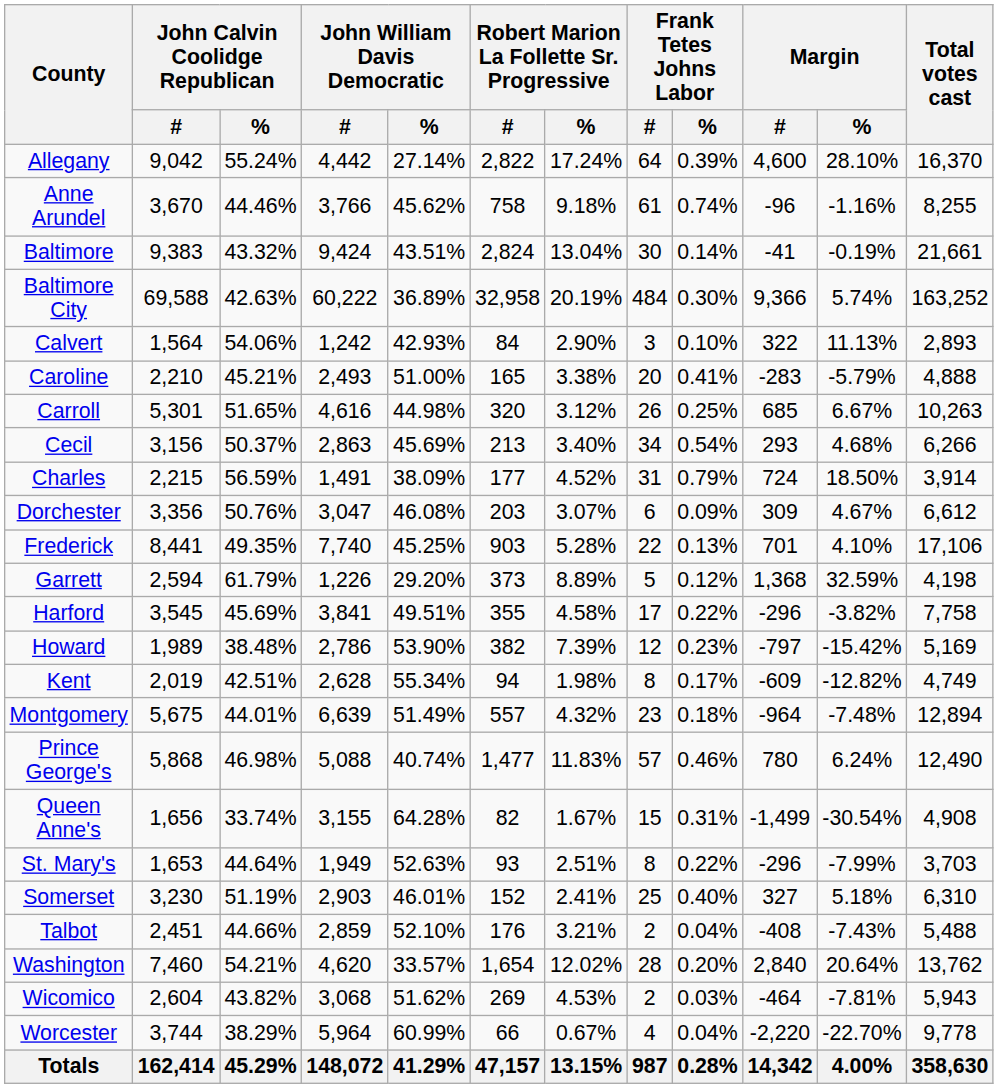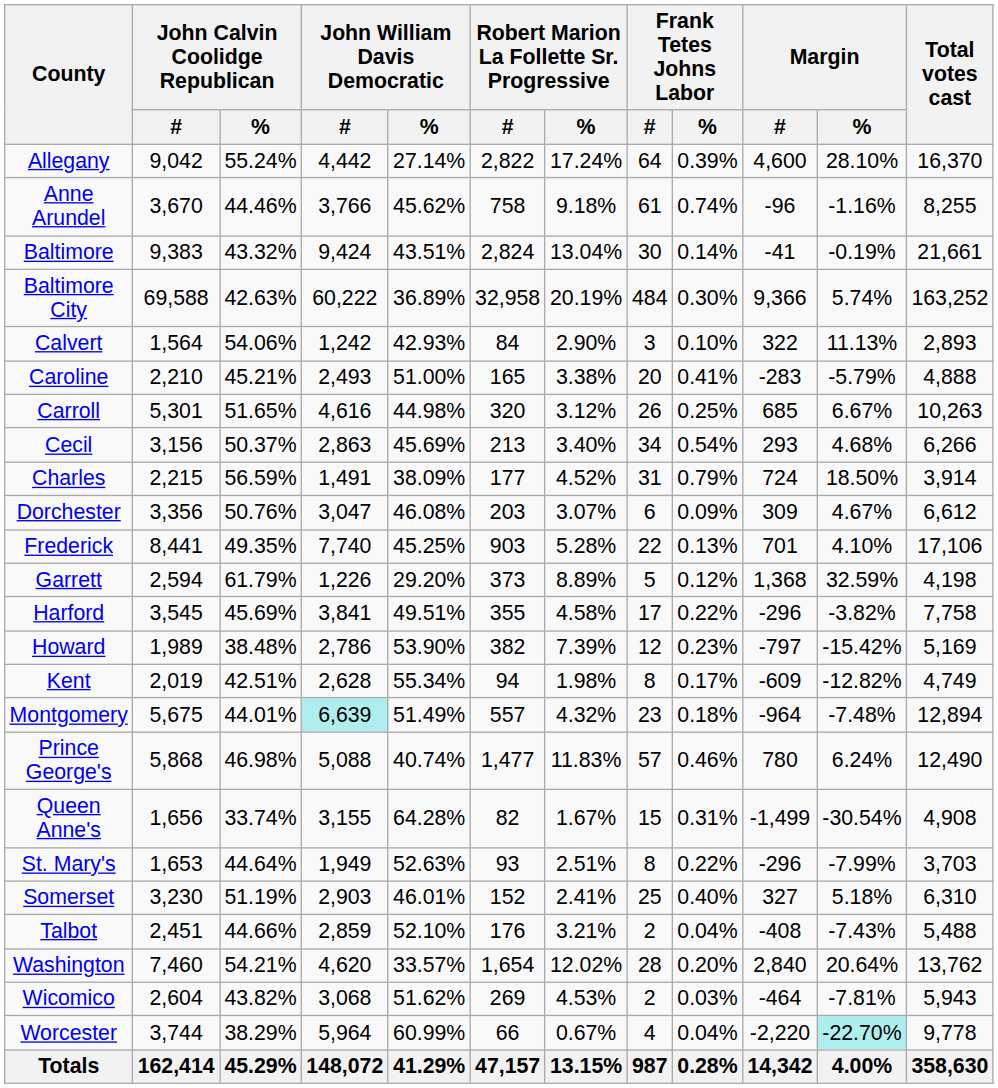 <table class="wikitable sortable">
 <tr>
 <th rowspan="2" style="text-align:center;">County</th>
 <th colspan="2" style="text-align:center;">John Calvin Coolidge<br>Republican</th>
 <th colspan="2" style="text-align:center;">John William Davis<br>Democratic</th>
 <th colspan="2" style="text-align:center;">Robert Marion La Follette Sr.<br>Progressive</th>
 <th colspan="2" style="text-align:center;">Frank Tetes Johns<br>Labor</th>
 <th colspan="2" style="text-align:center;">Margin</th>
 <th rowspan="2" style="text-align:center;">Total votes cast</th>
 </tr>
 <tr>
 <th data-sort-type="number">#</th>
 <th data-sort-type="number">%</th>
 <th data-sort-type="number">#</th>
 <th data-sort-type="number">%</th>
 <th data-sort-type="number">#</th>
 <th data-sort-type="number">%</th>
 <th data-sort-type="number">#</th>
 <th data-sort-type="number">%</th>
 <th data-sort-type="number">#</th>
 <th data-sort-type="number">%</th>
 </tr>
 <tr style="text-align:center;">
 <td><a href='#'>Allegany</a></td>
 <td>9,042</td>
 <td>55.24%</td>
 <td>4,442</td>
 <td>27.14%</td>
 <td>2,822</td>
 <td>17.24%</td>
 <td>64</td>
 <td>0.39%</td>
 <td>4,600</td>
 <td>28.10%</td>
 <td>16,370</td>
 </tr>
 <tr style="text-align:center;">
 <td><a href='#'>Anne Arundel</a></td>
 <td>3,670</td>
 <td>44.46%</td>
 <td>3,766</td>
 <td>45.62%</td>
 <td>758</td>
 <td>9.18%</td>
 <td>61</td>
 <td>0.74%</td>
 <td>-96</td>
 <td>-1.16%</td>
 <td>8,255</td>
 </tr>
 <tr style="text-align:center;">
 <td><a href='#'>Baltimore</a></td>
 <td>9,383</td>
 <td>43.32%</td>
 <td>9,424</td>
 <td>43.51%</td>
 <td>2,824</td>
 <td>13.04%</td>
 <td>30</td>
 <td>0.14%</td>
 <td>-41</td>
 <td>-0.19%</td>
 <td>21,661</td>
 </tr>
 <tr style="text-align:center;">
 <td><a href='#'>Baltimore City</a></td>
 <td>69,588</td>
 <td>42.63%</td>
 <td>60,222</td>
 <td>36.89%</td>
 <td>32,958</td>
 <td>20.19%</td>
 <td>484</td>
 <td>0.30%</td>
 <td>9,366</td>
 <td>5.74%</td>
 <td>163,252</td>
 </tr>
 <tr style="text-align:center;">
 <td><a href='#'>Calvert</a></td>
 <td>1,564</td>
 <td>54.06%</td>
 <td>1,242</td>
 <td>42.93%</td>
 <td>84</td>
 <td>2.90%</td>
 <td>3</td>
 <td>0.10%</td>
 <td>322</td>
 <td>11.13%</td>
 <td>2,893</td>
 </tr>
 <tr style="text-align:center;">
 <td><a href='#'>Caroline</a></td>
 <td>2,210</td>
 <td>45.21%</td>
 <td>2,493</td>
 <td>51.00%</td>
 <td>165</td>
 <td>3.38%</td>
 <td>20</td>
 <td>0.41%</td>
 <td>-283</td>
 <td>-5.79%</td>
 <td>4,888</td>
 </tr>
 <tr style="text-align:center;">
 <td><a href='#'>Carroll</a></td>
 <td>5,301</td>
 <td>51.65%</td>
 <td>4,616</td>
 <td>44.98%</td>
 <td>320</td>
 <td>3.12%</td>
 <td>26</td>
 <td>0.25%</td>
 <td>685</td>
 <td>6.67%</td>
 <td>10,263</td>
 </tr>
 <tr style="text-align:center;">
 <td><a href='#'>Cecil</a></td>
 <td>3,156</td>
 <td>50.37%</td>
 <td>2,863</td>
 <td>45.69%</td>
 <td>213</td>
 <td>3.40%</td>
 <td>34</td>
 <td>0.54%</td>
 <td>293</td>
 <td>4.68%</td>
 <td>6,266</td>
 </tr>
 <tr style="text-align:center;">
 <td><a href='#'>Charles</a></td>
 <td>2,215</td>
 <td>56.59%</td>
 <td>1,491</td>
 <td>38.09%</td>
 <td>177</td>
 <td>4.52%</td>
 <td>31</td>
 <td>0.79%</td>
 <td>724</td>
 <td>18.50%</td>
 <td>3,914</td>
 </tr>
 <tr style="text-align:center;">
 <td><a href='#'>Dorchester</a></td>
 <td>3,356</td>
 <td>50.76%</td>
 <td>3,047</td>
 <td>46.08%</td>
 <td>203</td>
 <td>3.07%</td>
 <td>6</td>
 <td>0.09%</td>
 <td>309</td>
 <td>4.67%</td>
 <td>6,612</td>
 </tr>
 <tr style="text-align:center;">
 <td><a href='#'>Frederick</a></td>
 <td>8,441</td>
 <td>49.35%</td>
 <td>7,740</td>
 <td>45.25%</td>
 <td>903</td>
 <td>5.28%</td>
 <td>22</td>
 <td>0.13%</td>
 <td>701</td>
 <td>4.10%</td>
 <td>17,106</td>
 </tr>
 <tr style="text-align:center;">
 <td><a href='#'>Garrett</a></td>
 <td>2,594</td>
 <td>61.79%</td>
 <td>1,226</td>
 <td>29.20%</td>
 <td>373</td>
 <td>8.89%</td>
 <td>5</td>
 <td>0.12%</td>
 <td>1,368</td>
 <td>32.59%</td>
 <td>4,198</td>
 </tr>
 <tr style="text-align:center;">
 <td><a href='#'>Harford</a></td>
 <td>3,545</td>
 <td>45.69%</td>
 <td>3,841</td>
 <td>49.51%</td>
 <td>355</td>
 <td>4.58%</td>
 <td>17</td>
 <td>0.22%</td>
 <td>-296</td>
 <td>-3.82%</td>
 <td>7,758</td>
 </tr>
 <tr style="text-align:center;">
 <td><a href='#'>Howard</a></td>
 <td>1,989</td>
 <td>38.48%</td>
 <td>2,786</td>
 <td>53.90%</td>
 <td>382</td>
 <td>7.39%</td>
 <td>12</td>
 <td>0.23%</td>
 <td>-797</td>
 <td>-15.42%</td>
 <td>5,169</td>
 </tr>
 <tr style="text-align:center;">
 <td><a href='#'>Kent</a></td>
 <td>2,019</td>
 <td>42.51%</td>
 <td>2,628</td>
 <td>55.34%</td>
 <td>94</td>
 <td>1.98%</td>
 <td>8</td>
 <td>0.17%</td>
 <td>-609</td>
 <td>-12.82%</td>
 <td>4,749</td>
 </tr>
 <tr style="text-align:center;">
 <td><a href='#'>Montgomery</a></td>
 <td>5,675</td>
 <td>44.01%</td>
-<td>6,639</td>
+<td style="background: paleturquoise;">6,639</td>
 <td>51.49%</td>
 <td>557</td>
 <td>4.32%</td>
 <td>23</td>
 <td>0.18%</td>
 <td>-964</td>
 <td>-7.48%</td>
 <td>12,894</td>
 </tr>
 <tr style="text-align:center;">
 <td><a href='#'>Prince George's</a></td>
 <td>5,868</td>
 <td>46.98%</td>
 <td>5,088</td>
 <td>40.74%</td>
 <td>1,477</td>
 <td>11.83%</td>
 <td>57</td>
 <td>0.46%</td>
 <td>780</td>
 <td>6.24%</td>
 <td>12,490</td>
 </tr>
 <tr style="text-align:center;">
 <td><a href='#'>Queen Anne's</a></td>
 <td>1,656</td>
 <td>33.74%</td>
 <td>3,155</td>
 <td>64.28%</td>
 <td>82</td>
 <td>1.67%</td>
 <td>15</td>
 <td>0.31%</td>
 <td>-1,499</td>
 <td>-30.54%</td>
 <td>4,908</td>
 </tr>
 <tr style="text-align:center;">
 <td><a href='#'>St. Mary's</a></td>
 <td>1,653</td>
 <td>44.64%</td>
 <td>1,949</td>
 <td>52.63%</td>
 <td>93</td>
 <td>2.51%</td>
 <td>8</td>
 <td>0.22%</td>
 <td>-296</td>
 <td>-7.99%</td>
 <td>3,703</td>
 </tr>
 <tr style="text-align:center;">
 <td><a href='#'>Somerset</a></td>
 <td>3,230</td>
 <td>51.19%</td>
 <td>2,903</td>
 <td>46.01%</td>
 <td>152</td>
 <td>2.41%</td>
 <td>25</td>
 <td>0.40%</td>
 <td>327</td>
 <td>5.18%</td>
 <td>6,310</td>
 </tr>
 <tr style="text-align:center;">
 <td><a href='#'>Talbot</a></td>
 <td>2,451</td>
 <td>44.66%</td>
 <td>2,859</td>
 <td>52.10%</td>
 <td>176</td>
 <td>3.21%</td>
 <td>2</td>
 <td>0.04%</td>
 <td>-408</td>
 <td>-7.43%</td>
 <td>5,488</td>
 </tr>
 <tr style="text-align:center;">
 <td><a href='#'>Washington</a></td>
 <td>7,460</td>
 <td>54.21%</td>
 <td>4,620</td>
 <td>33.57%</td>
 <td>1,654</td>
 <td>12.02%</td>
 <td>28</td>
 <td>0.20%</td>
 <td>2,840</td>
 <td>20.64%</td>
 <td>13,762</td>
 </tr>
 <tr style="text-align:center;">
 <td><a href='#'>Wicomico</a></td>
 <td>2,604</td>
 <td>43.82%</td>
 <td>3,068</td>
 <td>51.62%</td>
 <td>269</td>
 <td>4.53%</td>
 <td>2</td>
 <td>0.03%</td>
 <td>-464</td>
 <td>-7.81%</td>
 <td>5,943</td>
 </tr>
 <tr style="text-align:center;">
 <td><a href='#'>Worcester</a></td>
 <td>3,744</td>
 <td>38.29%</td>
 <td>5,964</td>
 <td>60.99%</td>
 <td>66</td>
 <td>0.67%</td>
 <td>4</td>
 <td>0.04%</td>
 <td>-2,220</td>
-<td>-22.70%</td>
+<td style="background: paleturquoise;">-22.70%</td>
 <td>9,778</td>
 </tr>
 <tr style="text-align:center;">
 <th>Totals</th>
 <th>162,414</th>
 <th>45.29%</th>
 <th>148,072</th>
 <th>41.29%</th>
 <th>47,157</th>
 <th>13.15%</th>
 <th>987</th>
 <th>0.28%</th>
 <th>14,342</th>
 <th>4.00%</th>
 <th>358,630</th>
 </tr>
 </table>
